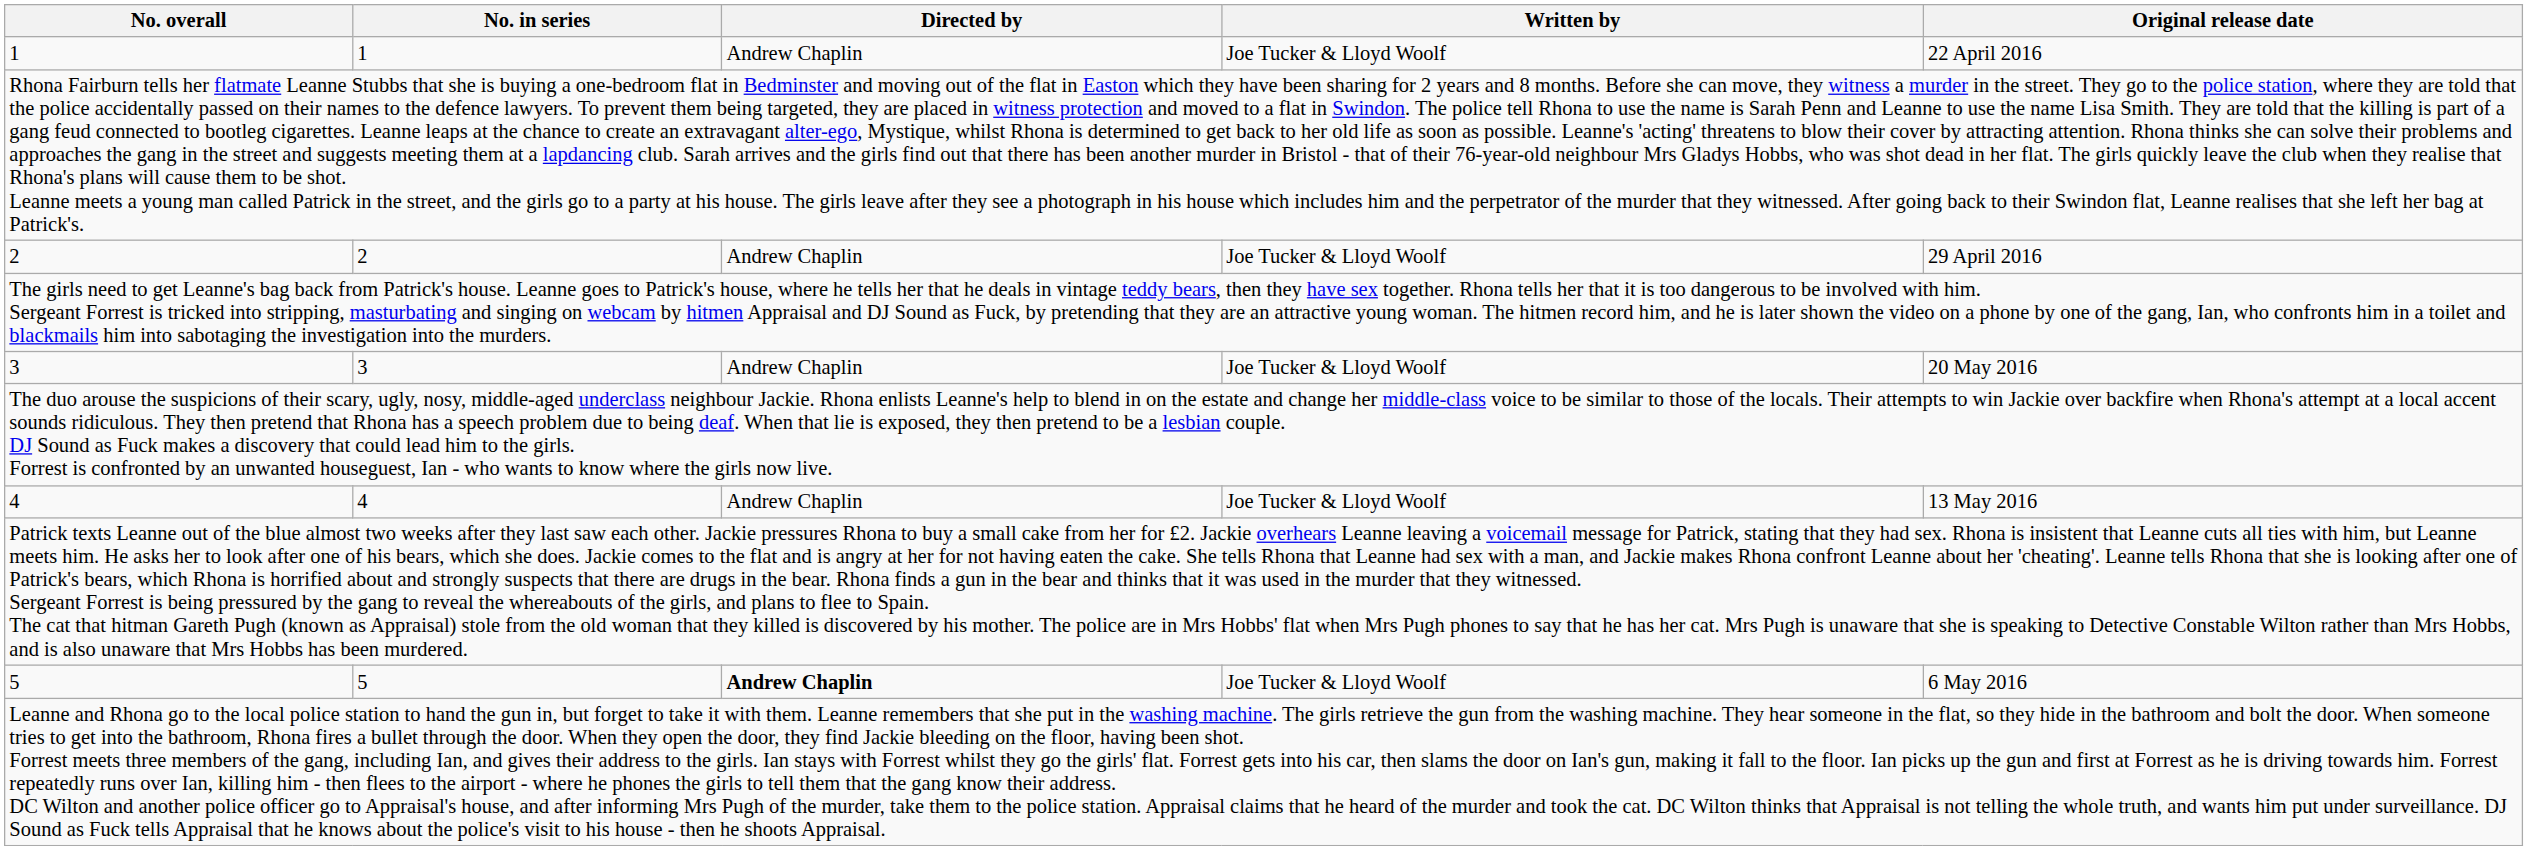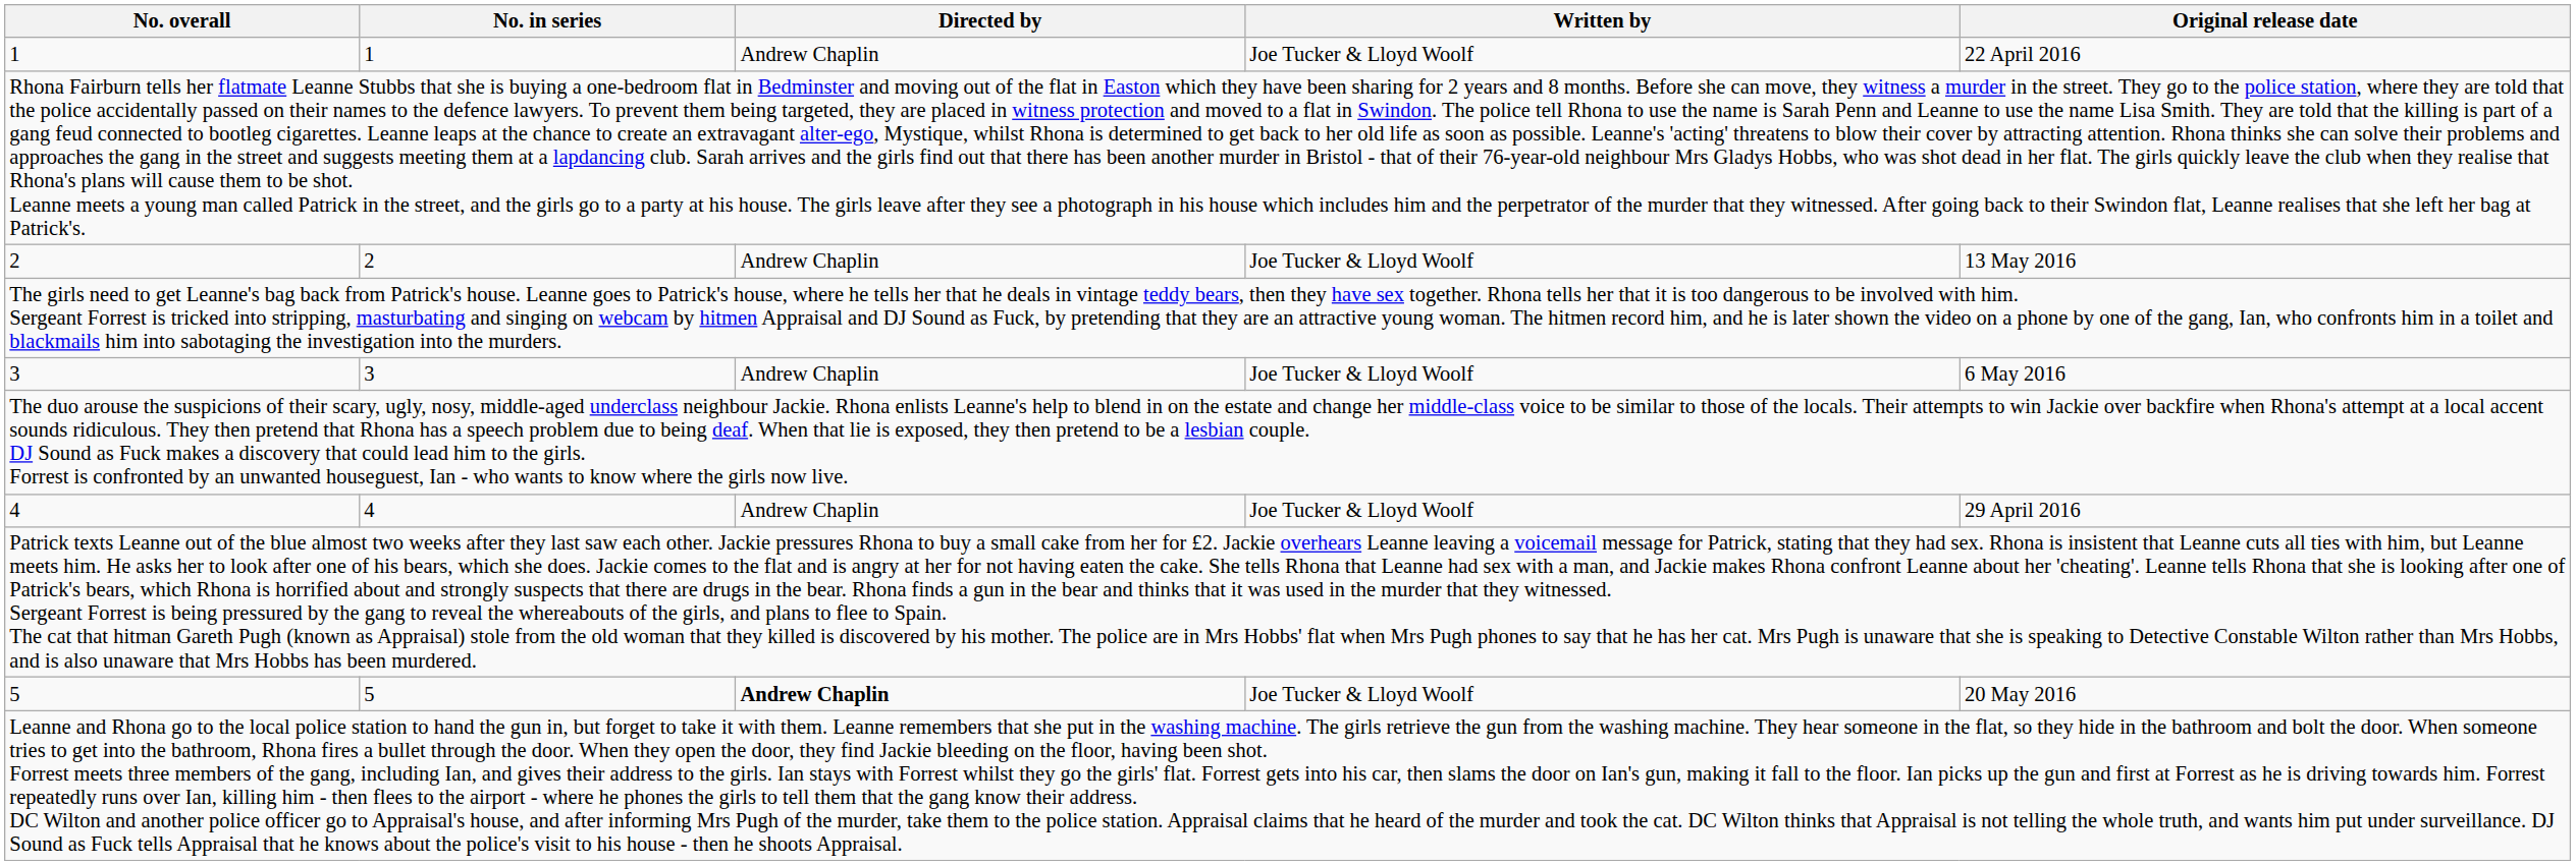 <table class="wikitable">
 <tr>
 <th>No. overall</th>
 <th>No. in series</th>
 <th>Directed by</th>
 <th>Written by</th>
 <th>Original release date</th>
 </tr>
 <tr>
 <td>1</td>
 <td>1</td>
 <td>Andrew Chaplin</td>
 <td>Joe Tucker & Lloyd Woolf</td>
 <td>22 April 2016</td>
 </tr>
 <tr>
 <td colspan="5">Rhona Fairburn tells her <a href='#'>flatmate</a> Leanne Stubbs that she is buying a one-bedroom flat in <a href='#'>Bedminster</a> and moving out of the flat in <a href='#'>Easton</a> which they have been sharing for 2 years and 8 months. Before she can move, they <a href='#'>witness</a> a <a href='#'>murder</a> in the street. They go to the <a href='#'>police station</a>, where they are told that the police accidentally passed on their names to the defence lawyers. To prevent them being targeted, they are placed in <a href='#'>witness protection</a> and moved to a flat in <a href='#'>Swindon</a>. The police tell Rhona to use the name is Sarah Penn and Leanne to use the name Lisa Smith. They are told that the killing is part of a gang feud connected to bootleg cigarettes. Leanne leaps at the chance to create an extravagant <a href='#'>alter-ego</a>, Mystique, whilst Rhona is determined to get back to her old life as soon as possible. Leanne's 'acting' threatens to blow their cover by attracting attention. Rhona thinks she can solve their problems and approaches the gang in the street and suggests meeting them at a <a href='#'>lapdancing</a> club. Sarah arrives and the girls find out that there has been another murder in Bristol - that of their 76-year-old neighbour Mrs Gladys Hobbs, who was shot dead in her flat. The girls quickly leave the club when they realise that Rhona's plans will cause them to be shot.<br>Leanne meets a young man called Patrick in the street, and the girls go to a party at his house. The girls leave after they see a photograph in his house which includes him and the perpetrator of the murder that they witnessed. After going back to their Swindon flat, Leanne realises that she left her bag at Patrick's.</td>
 </tr>
 <tr>
 <td>2</td>
 <td>2</td>
 <td>Andrew Chaplin</td>
 <td>Joe Tucker & Lloyd Woolf</td>
-<td>29 April 2016</td>
+<td>13 May 2016</td>
 </tr>
 <tr>
 <td colspan="5">The girls need to get Leanne's bag back from Patrick's house. Leanne goes to Patrick's house, where he tells her that he deals in vintage <a href='#'>teddy bears</a>, then they <a href='#'>have sex</a> together. Rhona tells her that it is too dangerous to be involved with him.<br>Sergeant Forrest is tricked into stripping, <a href='#'>masturbating</a> and singing on <a href='#'>webcam</a> by <a href='#'>hitmen</a> Appraisal and DJ Sound as Fuck, by pretending that they are an attractive young woman. The hitmen record him, and he is later shown the video on a phone by one of the gang, Ian, who confronts him in a toilet and <a href='#'>blackmails</a> him into sabotaging the investigation into the murders.</td>
 </tr>
 <tr>
 <td>3</td>
 <td>3</td>
 <td>Andrew Chaplin</td>
 <td>Joe Tucker & Lloyd Woolf</td>
-<td>20 May 2016</td>
+<td>6 May 2016</td>
 </tr>
 <tr>
 <td colspan="5">The duo arouse the suspicions of their scary, ugly, nosy, middle-aged <a href='#'>underclass</a> neighbour Jackie. Rhona enlists Leanne's help to blend in on the estate and change her <a href='#'>middle-class</a> voice to be similar to those of the locals. Their attempts to win Jackie over backfire when Rhona's attempt at a local accent sounds ridiculous. They then pretend that Rhona has a speech problem due to being <a href='#'>deaf</a>. When that lie is exposed, they then pretend to be a <a href='#'>lesbian</a> couple.<br><a href='#'>DJ</a> Sound as Fuck makes a discovery that could lead him to the girls.<br>Forrest is confronted by an unwanted houseguest, Ian - who wants to know where the girls now live.</td>
 </tr>
 <tr>
 <td>4</td>
 <td>4</td>
 <td>Andrew Chaplin</td>
 <td>Joe Tucker & Lloyd Woolf</td>
-<td>13 May 2016</td>
+<td>29 April 2016</td>
 </tr>
 <tr>
 <td colspan="5">Patrick texts Leanne out of the blue almost two weeks after they last saw each other. Jackie pressures Rhona to buy a small cake from her for £2. Jackie <a href='#'>overhears</a> Leanne leaving a <a href='#'>voicemail</a> message for Patrick, stating that they had sex. Rhona is insistent that Leanne cuts all ties with him, but Leanne meets him. He asks her to look after one of his bears, which she does. Jackie comes to the flat and is angry at her for not having eaten the cake. She tells Rhona that Leanne had sex with a man, and Jackie makes Rhona confront Leanne about her 'cheating'. Leanne tells Rhona that she is looking after one of Patrick's bears, which Rhona is horrified about and strongly suspects that there are drugs in the bear. Rhona finds a gun in the bear and thinks that it was used in the murder that they witnessed.<br>Sergeant Forrest is being pressured by the gang to reveal the whereabouts of the girls, and plans to flee to Spain.<br>The cat that hitman Gareth Pugh (known as Appraisal) stole from the old woman that they killed is discovered by his mother. The police are in Mrs Hobbs' flat when Mrs Pugh phones to say that he has her cat. Mrs Pugh is unaware that she is speaking to Detective Constable Wilton rather than Mrs Hobbs, and is also unaware that Mrs Hobbs has been murdered.</td>
 </tr>
 <tr>
 <td>5</td>
 <td>5</td>
 <td><strong>Andrew Chaplin</strong></td>
 <td>Joe Tucker & Lloyd Woolf</td>
-<td>6 May 2016</td>
+<td>20 May 2016</td>
 </tr>
 <tr>
 <td colspan="5">Leanne and Rhona go to the local police station to hand the gun in, but forget to take it with them. Leanne remembers that she put in the <a href='#'>washing machine</a>. The girls retrieve the gun from the washing machine. They hear someone in the flat, so they hide in the bathroom and bolt the door. When someone tries to get into the bathroom, Rhona fires a bullet through the door. When they open the door, they find Jackie bleeding on the floor, having been shot.<br>Forrest meets three members of the gang, including Ian, and gives their address to the girls. Ian stays with Forrest whilst they go the girls' flat. Forrest gets into his car, then slams the door on Ian's gun, making it fall to the floor. Ian picks up the gun and first at Forrest as he is driving towards him. Forrest repeatedly runs over Ian, killing him - then flees to the airport - where he phones the girls to tell them that the gang know their address.<br>DC Wilton and another police officer go to Appraisal's house, and after informing Mrs Pugh of the murder, take them to the police station. Appraisal claims that he heard of the murder and took the cat. DC Wilton thinks that Appraisal is not telling the whole truth, and wants him put under surveillance. DJ Sound as Fuck tells Appraisal that he knows about the police's visit to his house - then he shoots Appraisal.</td>
 </tr>
 </table>
